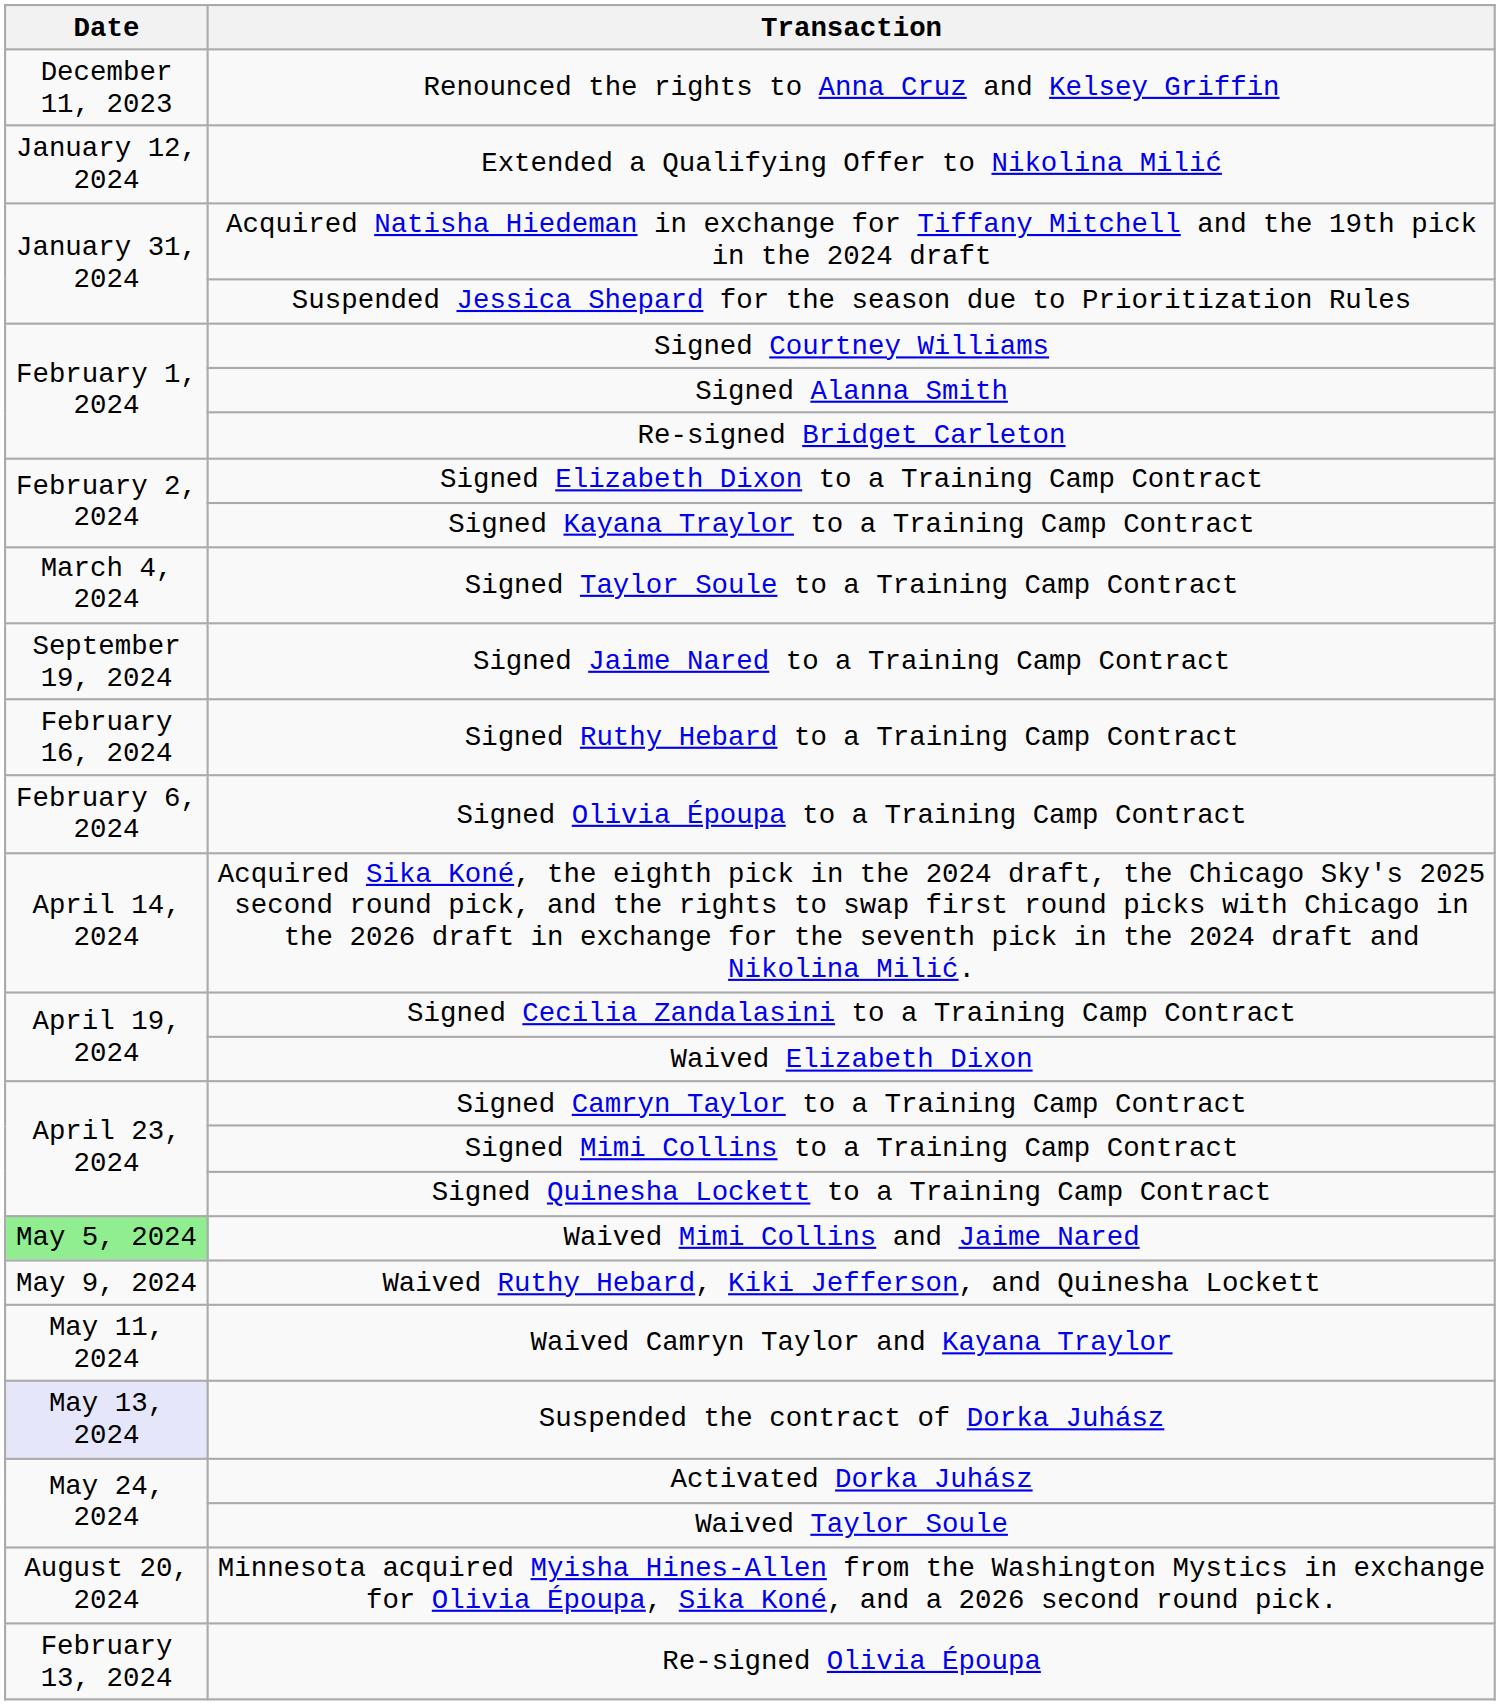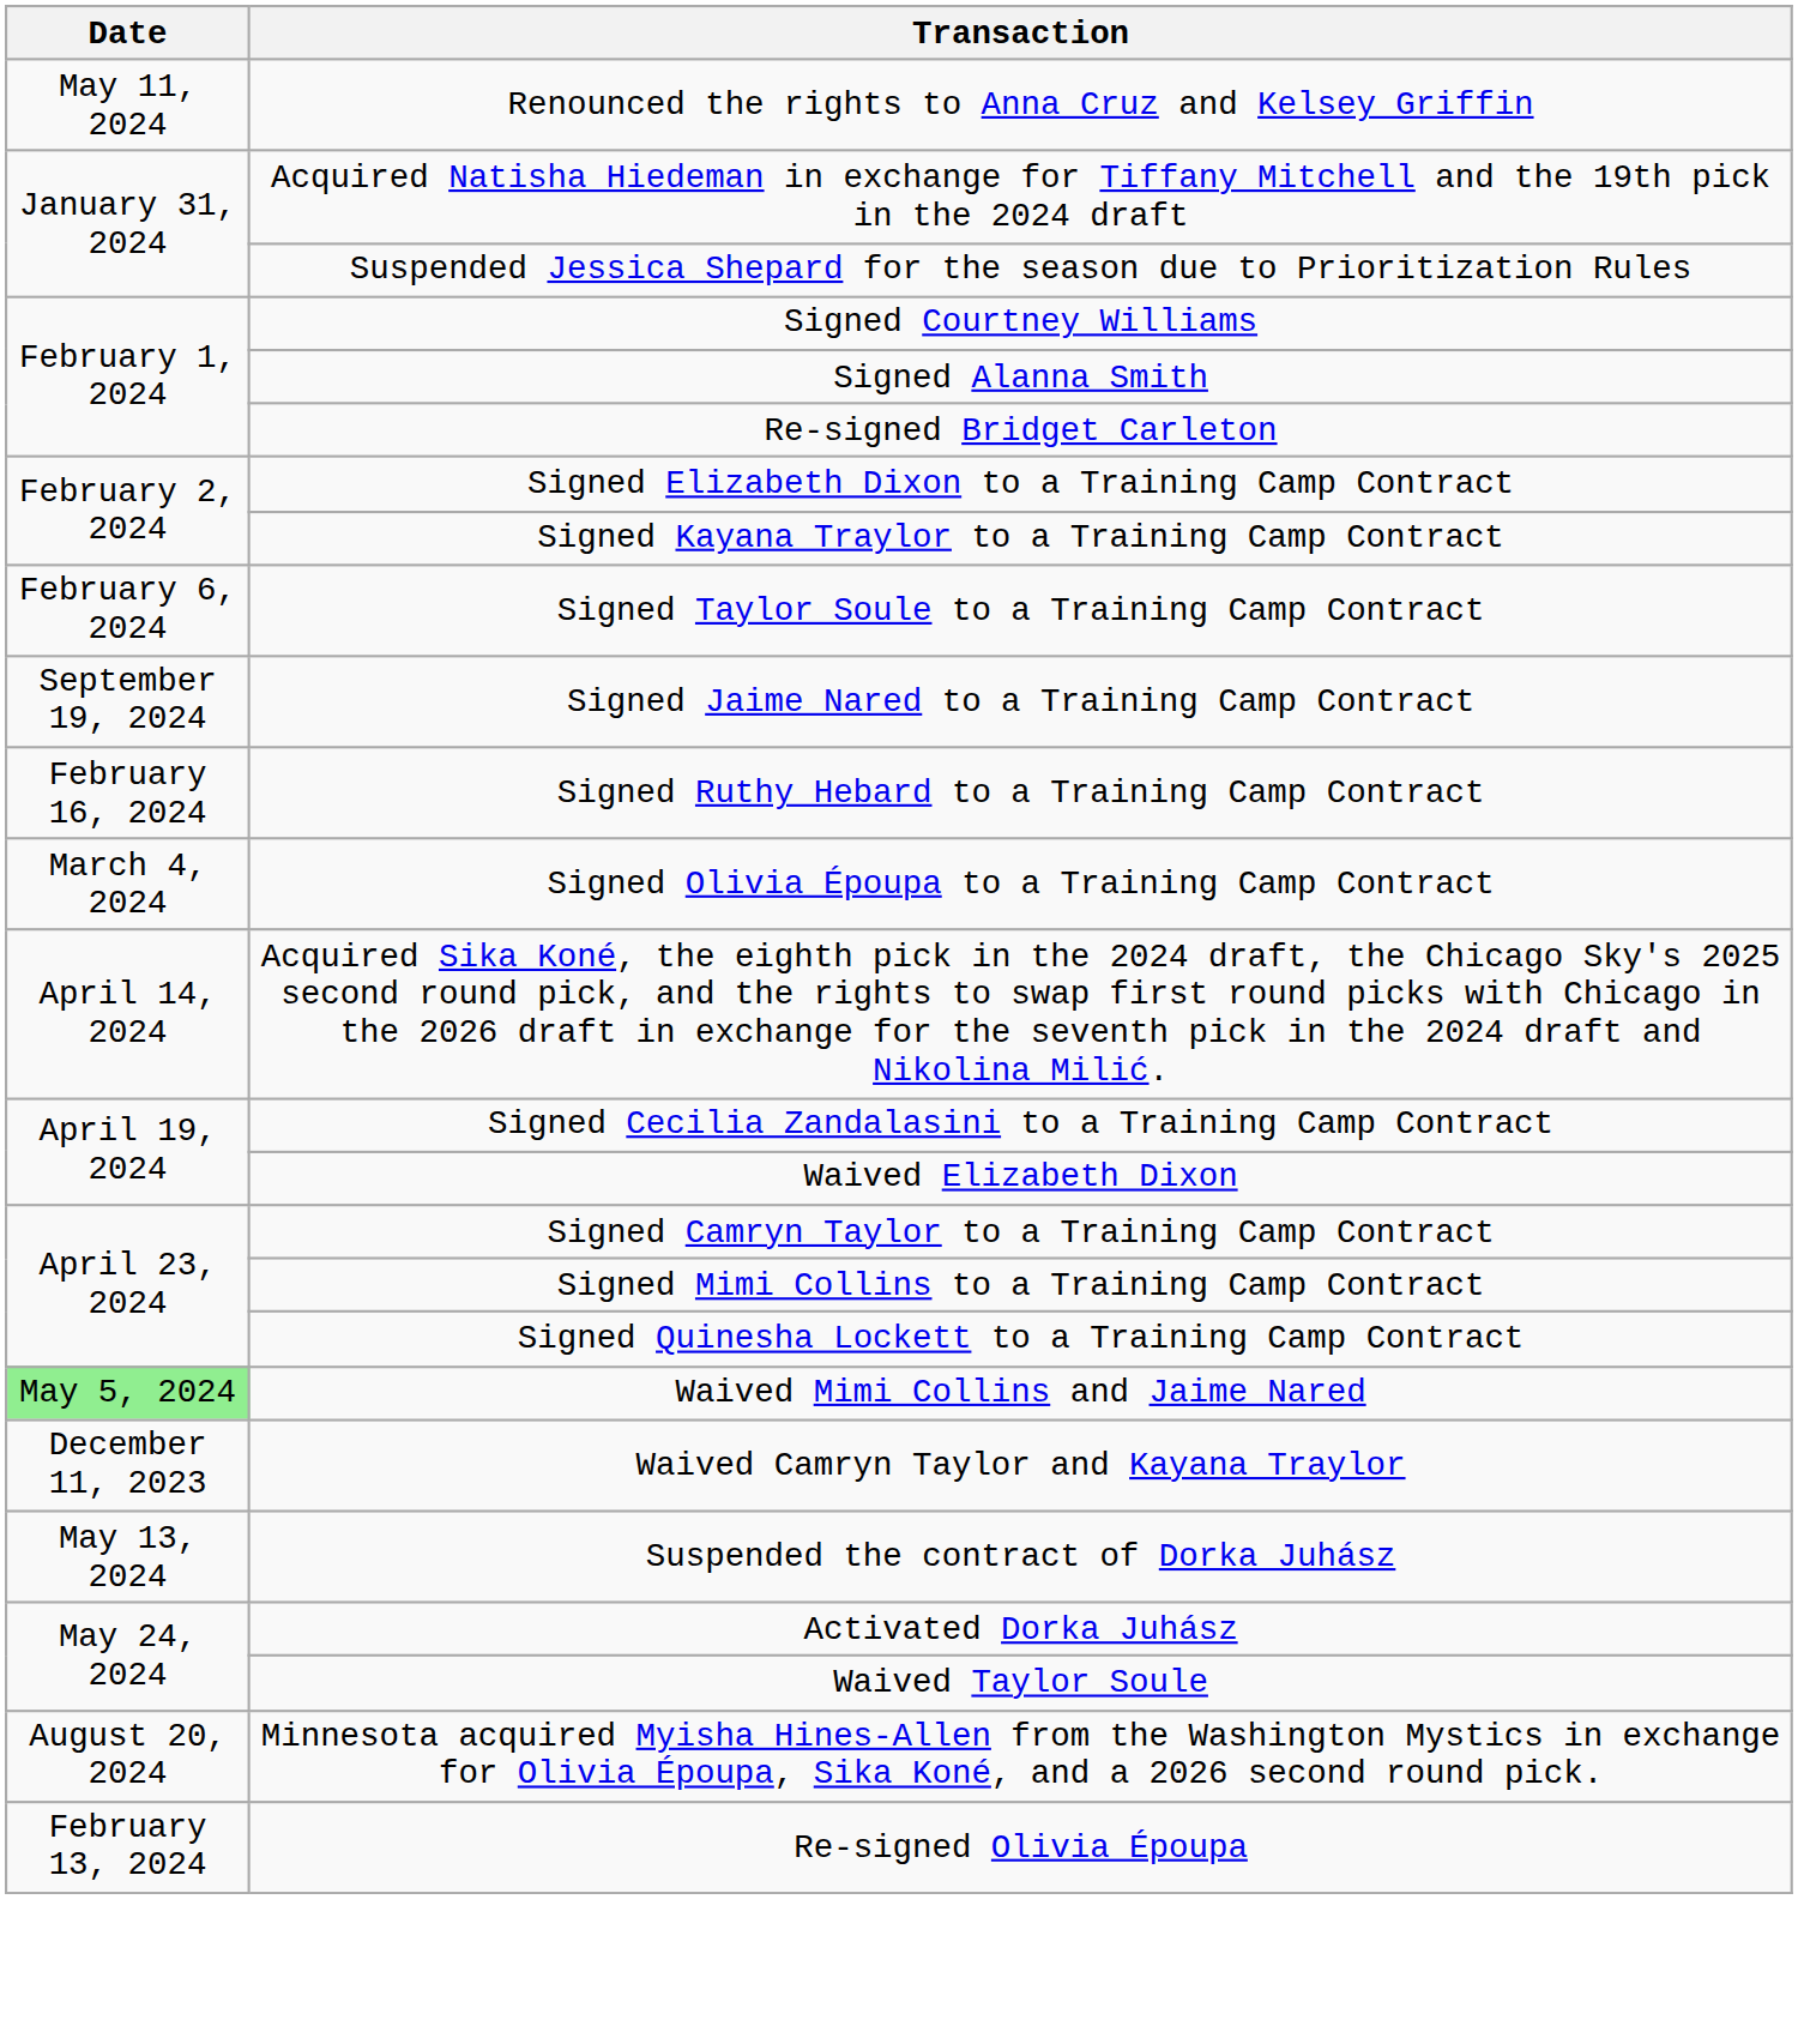 <table class="wikitable" style="width:80%; text-align: center;">
 <tr>
 <th>Date</th>
 <th>Transaction</th>
 </tr>
 <tr>
-<td>December 11, 2023</td>
+<td>May 11, 2024</td>
 <td>Renounced the rights to <a href='#'>Anna Cruz</a> and <a href='#'>Kelsey Griffin</a></td>
-</tr>
-<tr>
-<td>January 12, 2024</td>
-<td>Extended a Qualifying Offer to <a href='#'>Nikolina Milić</a></td>
 </tr>
 <tr>
 <td rowspan=2>January 31, 2024</td>
 <td>Acquired <a href='#'>Natisha Hiedeman</a> in exchange for <a href='#'>Tiffany Mitchell</a> and the 19th pick in the 2024 draft</td>
 </tr>
 <tr>
 <td>Suspended <a href='#'>Jessica Shepard</a> for the season due to Prioritization Rules</td>
 </tr>
 <tr>
 <td rowspan=3>February 1, 2024</td>
 <td>Signed <a href='#'>Courtney Williams</a></td>
 </tr>
 <tr>
 <td>Signed <a href='#'>Alanna Smith</a></td>
 </tr>
 <tr>
 <td>Re-signed <a href='#'>Bridget Carleton</a></td>
 </tr>
 <tr>
 <td rowspan=2>February 2, 2024</td>
 <td>Signed <a href='#'>Elizabeth Dixon</a> to a Training Camp Contract</td>
 </tr>
 <tr>
 <td>Signed <a href='#'>Kayana Traylor</a> to a Training Camp Contract</td>
 </tr>
 <tr>
-<td>March 4, 2024</td>
+<td>February 6, 2024</td>
 <td>Signed <a href='#'>Taylor Soule</a> to a Training Camp Contract</td>
 </tr>
 <tr>
 <td>September 19, 2024</td>
 <td>Signed <a href='#'>Jaime Nared</a> to a Training Camp Contract</td>
 </tr>
 <tr>
 <td>February 16, 2024</td>
 <td>Signed <a href='#'>Ruthy Hebard</a> to a Training Camp Contract</td>
 </tr>
 <tr>
-<td>February 6, 2024</td>
+<td>March 4, 2024</td>
 <td>Signed <a href='#'>Olivia Époupa</a> to a Training Camp Contract</td>
 </tr>
 <tr>
 <td>April 14, 2024</td>
 <td>Acquired <a href='#'>Sika Koné</a>, the eighth pick in the 2024 draft, the Chicago Sky's 2025 second round pick, and the rights to swap first round picks with Chicago in the 2026 draft in exchange for the seventh pick in the 2024 draft and <a href='#'>Nikolina Milić</a>.</td>
 </tr>
 <tr>
 <td rowspan=2>April 19, 2024</td>
 <td>Signed <a href='#'>Cecilia Zandalasini</a> to a Training Camp Contract</td>
 </tr>
 <tr>
 <td>Waived <a href='#'>Elizabeth Dixon</a></td>
 </tr>
 <tr>
 <td rowspan=3>April 23, 2024</td>
 <td>Signed <a href='#'>Camryn Taylor</a> to a Training Camp Contract</td>
 </tr>
 <tr>
 <td>Signed <a href='#'>Mimi Collins</a> to a Training Camp Contract</td>
 </tr>
 <tr>
 <td>Signed <a href='#'>Quinesha Lockett</a> to a Training Camp Contract</td>
 </tr>
 <tr>
 <td style="background: lightgreen;">May 5, 2024</td>
 <td>Waived <a href='#'>Mimi Collins</a> and <a href='#'>Jaime Nared</a></td>
 </tr>
 <tr>
-<td>May 9, 2024</td>
-<td>Waived <a href='#'>Ruthy Hebard</a>, <a href='#'>Kiki Jefferson</a>, and Quinesha Lockett</td>
-</tr>
-<tr>
-<td>May 11, 2024</td>
+<td>December 11, 2023</td>
 <td>Waived Camryn Taylor and <a href='#'>Kayana Traylor</a></td>
 </tr>
 <tr>
-<td style="background: lavender;">May 13, 2024</td>
+<td>May 13, 2024</td>
 <td>Suspended the contract of <a href='#'>Dorka Juhász</a> </td>
 </tr>
 <tr>
 <td rowspan=2>May 24, 2024</td>
 <td>Activated <a href='#'>Dorka Juhász</a></td>
 </tr>
 <tr>
 <td>Waived <a href='#'>Taylor Soule</a></td>
 </tr>
 <tr>
 <td>August 20, 2024</td>
 <td>Minnesota acquired <a href='#'>Myisha Hines-Allen</a> from the Washington Mystics in exchange for <a href='#'>Olivia Époupa</a>, <a href='#'>Sika Koné</a>, and a 2026 second round pick.</td>
 </tr>
 <tr>
 <td>February 13, 2024</td>
 <td>Re-signed <a href='#'>Olivia Époupa</a></td>
 </tr>
 </table>
